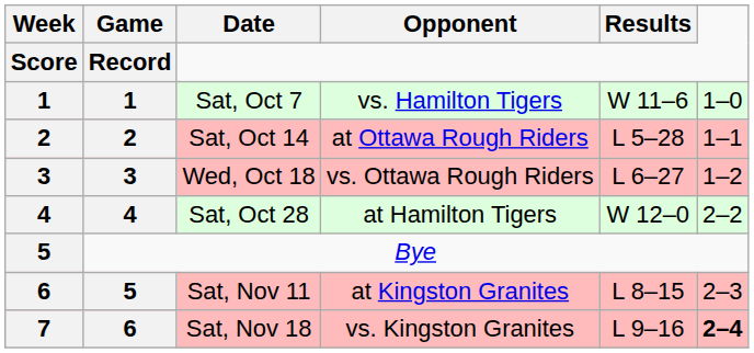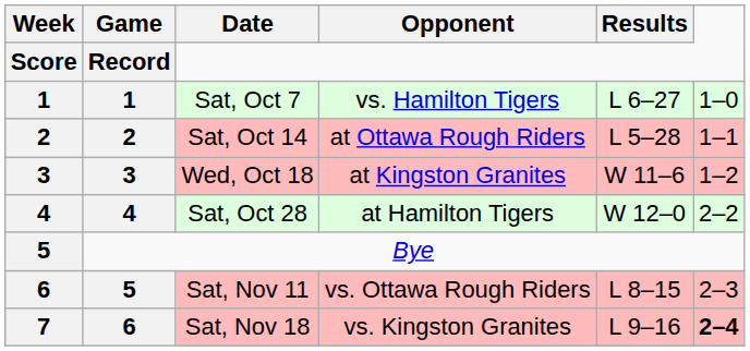 <table class="wikitable" style="text-align:center">
 <tr>
 <th>Week</th>
 <th>Game</th>
 <th>Date</th>
 <th>Opponent</th>
 <th>Results</th>
 </tr>
 <tr>
 <th>Score</th>
 <th>Record</th>
 </tr>
 <tr style="background:#ddffdd">
 <th>1</th>
 <th>1</th>
 <td>Sat, Oct 7</td>
 <td>vs. <a href='#'>Hamilton Tigers</a></td>
-<td>W 11–6</td>
+<td>L 6–27</td>
 <td>1–0</td>
 </tr>
 <tr style="background:#ffbbbb">
 <th>2</th>
 <th>2</th>
 <td>Sat, Oct 14</td>
 <td>at <a href='#'>Ottawa Rough Riders</a></td>
 <td>L 5–28</td>
 <td>1–1</td>
 </tr>
 <tr style="background:#ffbbbb">
 <th>3</th>
 <th>3</th>
 <td>Wed, Oct 18</td>
-<td>vs. Ottawa Rough Riders</td>
-<td>L 6–27</td>
+<td>at <a href='#'>Kingston Granites</a></td>
+<td>W 11–6</td>
 <td>1–2</td>
 </tr>
 <tr style="background:#ddffdd">
 <th>4</th>
 <th>4</th>
 <td>Sat, Oct 28</td>
 <td>at Hamilton Tigers</td>
 <td>W 12–0</td>
 <td>2–2</td>
 </tr>
 <tr>
 <th>5</th>
 <td colspan="7"><em><a href='#'>Bye</a></em></td>
 </tr>
 <tr style="background:#ffbbbb">
 <th>6</th>
 <th>5</th>
 <td>Sat, Nov 11</td>
-<td>at <a href='#'>Kingston Granites</a></td>
+<td>vs. Ottawa Rough Riders</td>
 <td>L 8–15</td>
 <td>2–3</td>
 </tr>
 <tr style="background:#ffbbbb">
 <th>7</th>
 <th>6</th>
 <td>Sat, Nov 18</td>
 <td>vs. Kingston Granites</td>
 <td>L 9–16</td>
 <td><strong>2–4</strong></td>
 </tr>
 </table>
